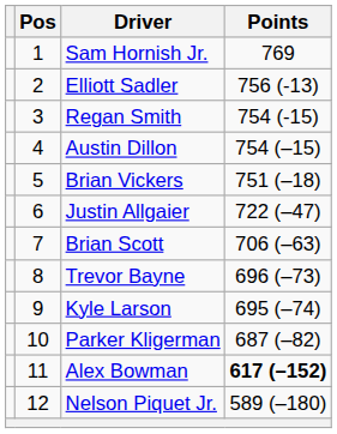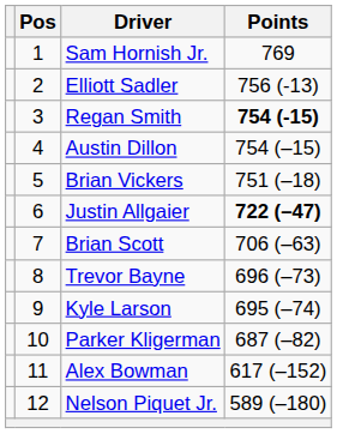 <table class="wikitable" style="font-size: 95%;">
 <tr>
 <th></th>
 <th>Pos</th>
 <th>Driver</th>
 <th>Points</th>
 </tr>
 <tr>
 <td align="left"></td>
 <td style="text-align:center;">1</td>
 <td><a href='#'>Sam Hornish Jr.</a></td>
 <td style="text-align:center;">769</td>
 </tr>
 <tr>
 <td align="left"></td>
 <td style="text-align:center;">2</td>
 <td><a href='#'>Elliott Sadler</a></td>
 <td style="text-align:center;">756 (-13)</td>
 </tr>
 <tr>
 <td align="left"></td>
 <td style="text-align:center;">3</td>
 <td><a href='#'>Regan Smith</a></td>
-<td style="text-align:center;">754 (-15)</td>
+<td style="text-align:center;"><strong>754 (-15)</strong></td>
 </tr>
 <tr>
 <td align="left"></td>
 <td style="text-align:center;">4</td>
 <td><a href='#'>Austin Dillon</a></td>
 <td style="text-align:center;">754 (–15)</td>
 </tr>
 <tr>
 <td align="left"></td>
 <td style="text-align:center;">5</td>
 <td><a href='#'>Brian Vickers</a></td>
 <td style="text-align:center;">751 (–18)</td>
 </tr>
 <tr>
 <td align="left"></td>
 <td style="text-align:center;">6</td>
 <td><a href='#'>Justin Allgaier</a></td>
-<td style="text-align:center;">722 (–47)</td>
+<td style="text-align:center;"><strong>722 (–47)</strong></td>
 </tr>
 <tr>
 <td align="left"></td>
 <td style="text-align:center;">7</td>
 <td><a href='#'>Brian Scott</a></td>
 <td style="text-align:center;">706 (–63)</td>
 </tr>
 <tr>
 <td align="left"></td>
 <td style="text-align:center;">8</td>
 <td><a href='#'>Trevor Bayne</a></td>
 <td style="text-align:center;">696 (–73)</td>
 </tr>
 <tr>
 <td align="left"></td>
 <td style="text-align:center;">9</td>
 <td><a href='#'>Kyle Larson</a></td>
 <td style="text-align:center;">695 (–74)</td>
 </tr>
 <tr>
 <td align="left"></td>
 <td style="text-align:center;">10</td>
 <td><a href='#'>Parker Kligerman</a></td>
 <td style="text-align:center;">687 (–82)</td>
 </tr>
 <tr>
 <td align="left"></td>
 <td style="text-align:center;">11</td>
 <td><a href='#'>Alex Bowman</a></td>
-<td style="text-align:center;"><strong>617 (–152)</strong></td>
+<td style="text-align:center;">617 (–152)</td>
 </tr>
 <tr>
 <td align="left"></td>
 <td style="text-align:center;">12</td>
 <td><a href='#'>Nelson Piquet Jr.</a></td>
 <td style="text-align:center;">589 (–180)</td>
 </tr>
 <tr class="sortbottom">
 <th colspan="9"></th>
 </tr>
 </table>
